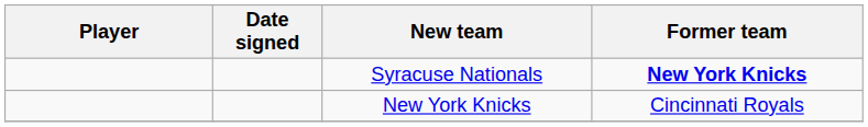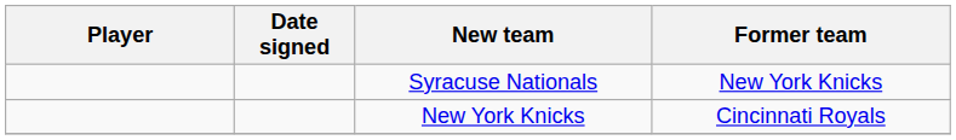 <table class="wikitable sortable" style="text-align:center">
 <tr>
 <th style="width:160px">Player</th>
 <th style="width:80px">Date signed</th>
 <th style="width:210px">New team</th>
 <th style="width:210px">Former team</th>
 </tr>
 <tr>
 <td align=left></td>
 <td></td>
 <td><a href='#'>Syracuse Nationals</a></td>
-<td><strong><a href='#'>New York Knicks</a></strong></td>
+<td><a href='#'>New York Knicks</a></td>
 </tr>
 <tr>
 <td align=left></td>
 <td></td>
 <td><a href='#'>New York Knicks</a></td>
 <td><a href='#'>Cincinnati Royals</a></td>
 </tr>
 <tr>
 </tr>
 </table>
